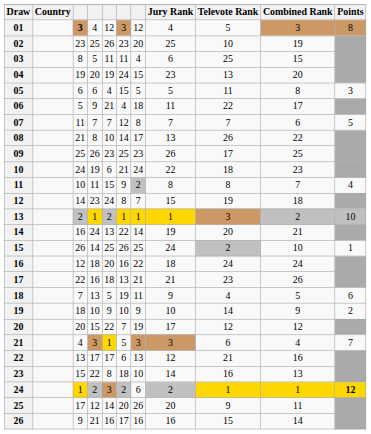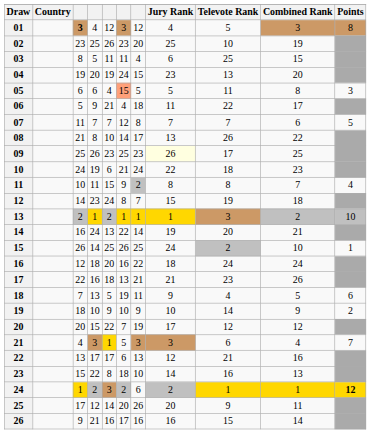 <table class="sortable wikitable collapsible plainrowheaders" style="text-align:center;">
 <tr>
 </tr>
 <tr>
 <th scope="col">Draw</th>
 <th scope="col">Country</th>
 <th scope="col"><small></small></th>
 <th scope="col"><small></small></th>
 <th scope="col"><small></small></th>
 <th scope="col"><small></small></th>
 <th scope="col"><small></small></th>
 <th scope="col">Jury Rank</th>
 <th scope="col">Televote Rank</th>
 <th scope="col">Combined Rank</th>
 <th scope="col">Points</th>
 </tr>
 <tr>
 <th scope="row" style="text-align:center;">01</th>
 <td style="text-align:left;"></td>
 <td style="background:#CC9966;"><strong>3</strong></td>
 <td>4</td>
 <td>12</td>
 <td style="background:#CC9966;">3</td>
 <td>12</td>
 <td>4</td>
 <td>5</td>
 <td style="background:#CC9966;">3</td>
 <td style="background:#CC9966;">8</td>
 </tr>
 <tr>
 <th scope="row" style="text-align:center;">02</th>
 <td style="text-align:left;"></td>
 <td>23</td>
 <td>25</td>
 <td>26</td>
 <td>23</td>
 <td>20</td>
 <td>25</td>
 <td>10</td>
 <td>19</td>
 <td style="background:#AAAAAA;"></td>
 </tr>
 <tr>
 <th scope="row" style="text-align:center;">03</th>
 <td style="text-align:left;"></td>
 <td>8</td>
 <td>5</td>
 <td>11</td>
 <td>11</td>
 <td>4</td>
 <td>6</td>
 <td>25</td>
 <td>15</td>
 <td style="background:#AAAAAA;"></td>
 </tr>
 <tr>
 <th scope="row" style="text-align:center;">04</th>
 <td style="text-align:left;"></td>
 <td>19</td>
 <td>20</td>
 <td>19</td>
 <td>24</td>
 <td>15</td>
 <td>23</td>
 <td>13</td>
 <td>20</td>
 <td style="background:#AAAAAA;"></td>
 </tr>
 <tr>
 <th scope="row" style="text-align:center;">05</th>
 <td style="text-align:left;"></td>
 <td>6</td>
 <td>6</td>
 <td>4</td>
-<td>15</td>
+<td style="background: lightsalmon;">15</td>
 <td>5</td>
 <td>5</td>
 <td>11</td>
 <td>8</td>
 <td>3</td>
 </tr>
 <tr>
 <th scope="row" style="text-align:center;">06</th>
 <td style="text-align:left;"></td>
 <td>5</td>
 <td>9</td>
 <td>21</td>
 <td>4</td>
 <td>18</td>
 <td>11</td>
 <td>22</td>
 <td>17</td>
 <td style="background:#AAAAAA;"></td>
 </tr>
 <tr>
 <th scope="row" style="text-align:center;">07</th>
 <td style="text-align:left;"></td>
 <td>11</td>
 <td>7</td>
 <td>7</td>
 <td>12</td>
 <td>8</td>
 <td>7</td>
 <td>7</td>
 <td>6</td>
 <td>5</td>
 </tr>
 <tr>
 <th scope="row" style="text-align:center;">08</th>
 <td style="text-align:left;"></td>
 <td>21</td>
 <td>8</td>
 <td>10</td>
 <td>14</td>
 <td>17</td>
 <td>13</td>
 <td>26</td>
 <td>22</td>
 <td style="background:#AAAAAA;"></td>
 </tr>
 <tr>
 <th scope="row" style="text-align:center;">09</th>
 <td style="text-align:left;"></td>
 <td>25</td>
 <td>26</td>
 <td>23</td>
 <td>25</td>
 <td>23</td>
-<td>26</td>
+<td style="background: lightyellow;">26</td>
 <td>17</td>
 <td>25</td>
 <td style="background:#AAAAAA;"></td>
 </tr>
 <tr>
 <th scope="row" style="text-align:center;">10</th>
 <td style="text-align:left;"></td>
 <td>24</td>
 <td>19</td>
 <td>6</td>
 <td>21</td>
 <td>24</td>
 <td>22</td>
 <td>18</td>
 <td>23</td>
 <td style="background:#AAAAAA;"></td>
 </tr>
 <tr>
 <th scope="row" style="text-align:center;">11</th>
 <td style="text-align:left;"></td>
 <td>10</td>
 <td>11</td>
 <td>15</td>
 <td>9</td>
 <td style="background:silver;">2</td>
 <td>8</td>
 <td>8</td>
 <td>7</td>
 <td>4</td>
 </tr>
 <tr>
 <th scope="row" style="text-align:center;">12</th>
 <td style="text-align:left;"></td>
 <td>14</td>
 <td>23</td>
 <td>24</td>
 <td>8</td>
 <td>7</td>
 <td>15</td>
 <td>19</td>
 <td>18</td>
 <td style="background:#AAAAAA;"></td>
 </tr>
 <tr>
 <th scope="row" style="text-align:center;">13</th>
 <td style="text-align:left;"></td>
 <td style="background:silver;">2</td>
 <td style="background:gold;">1</td>
 <td style="background:silver;">2</td>
 <td style="background:gold;">1</td>
 <td style="background:gold;">1</td>
 <td style="background:gold;">1</td>
 <td style="background:#CC9966;">3</td>
 <td style="background:silver;">2</td>
 <td style="background:silver;">10</td>
 </tr>
 <tr>
 <th scope="row" style="text-align:center;">14</th>
 <td style="text-align:left;"></td>
 <td>16</td>
 <td>24</td>
 <td>13</td>
 <td>22</td>
 <td>14</td>
 <td>19</td>
 <td>20</td>
 <td>21</td>
 <td style="background:#AAAAAA;"></td>
 </tr>
 <tr>
 <th scope="row" style="text-align:center;">15</th>
 <td style="text-align:left;"></td>
 <td>26</td>
 <td>14</td>
 <td>25</td>
 <td>26</td>
 <td>25</td>
 <td>24</td>
 <td style="background:silver;">2</td>
 <td>10</td>
 <td>1</td>
 </tr>
 <tr>
 <th scope="row" style="text-align:center;">16</th>
 <td style="text-align:left;"></td>
 <td>12</td>
 <td>18</td>
 <td>20</td>
 <td>16</td>
 <td>22</td>
 <td>18</td>
 <td>24</td>
 <td>24</td>
 <td style="background:#AAAAAA;"></td>
 </tr>
 <tr>
 <th scope="row" style="text-align:center;">17</th>
 <td style="text-align:left;"></td>
 <td>22</td>
 <td>16</td>
 <td>18</td>
 <td>13</td>
 <td>21</td>
 <td>21</td>
 <td>23</td>
 <td>26</td>
 <td style="background:#AAAAAA;"></td>
 </tr>
 <tr>
 <th scope="row" style="text-align:center;">18</th>
 <td style="text-align:left;"></td>
 <td>7</td>
 <td>13</td>
 <td>5</td>
 <td>19</td>
 <td>11</td>
 <td>9</td>
 <td>4</td>
 <td>5</td>
 <td>6</td>
 </tr>
 <tr>
 <th scope="row" style="text-align:center;">19</th>
 <td style="text-align:left;"></td>
 <td>18</td>
 <td>10</td>
 <td>9</td>
 <td>10</td>
 <td>9</td>
 <td>10</td>
 <td>14</td>
 <td>9</td>
 <td>2</td>
 </tr>
 <tr>
 <th scope="row" style="text-align:center;">20</th>
 <td style="text-align:left;"></td>
 <td>20</td>
 <td>15</td>
 <td>22</td>
 <td>7</td>
 <td>19</td>
 <td>17</td>
 <td>12</td>
 <td>12</td>
 <td style="background:#AAAAAA;"></td>
 </tr>
 <tr>
 <th scope="row" style="text-align:center;">21</th>
 <td style="text-align:left;"></td>
 <td>4</td>
 <td style="background:#CC9966;">3</td>
 <td style="background:gold;">1</td>
 <td>5</td>
 <td style="background:#CC9966;">3</td>
 <td style="background:#CC9966;">3</td>
 <td>6</td>
 <td>4</td>
 <td>7</td>
 </tr>
 <tr>
 <th scope="row" style="text-align:center;">22</th>
 <td style="text-align:left;"></td>
 <td>13</td>
 <td>17</td>
 <td>17</td>
 <td>6</td>
 <td>13</td>
 <td>12</td>
 <td>21</td>
 <td>16</td>
 <td style="background:#AAAAAA;"></td>
 </tr>
 <tr>
 <th scope="row" style="text-align:center;">23</th>
 <td style="text-align:left;"></td>
 <td>15</td>
 <td>22</td>
 <td>8</td>
 <td>18</td>
 <td>10</td>
 <td>14</td>
 <td>16</td>
 <td>13</td>
 <td style="background:#AAAAAA;"></td>
 </tr>
 <tr>
 <th scope="row" style="text-align:center;">24</th>
 <td style="text-align:left;"></td>
 <td style="background:gold;">1</td>
 <td style="background:silver;">2</td>
 <td style="background:#CC9966;">3</td>
 <td style="background:silver;">2</td>
 <td>6</td>
 <td style="background:silver;">2</td>
 <td style="background:gold;">1</td>
 <td style="background:gold;">1</td>
 <td style="background:gold;"><strong>12</strong></td>
 </tr>
 <tr>
 <th scope="row" style="text-align:center;">25</th>
 <td style="text-align:left;"></td>
 <td>17</td>
 <td>12</td>
 <td>14</td>
 <td>20</td>
 <td>26</td>
 <td>20</td>
 <td>9</td>
 <td>11</td>
 <td style="background:#AAAAAA;"></td>
 </tr>
 <tr>
 <th scope="row" style="text-align:center;">26</th>
 <td style="text-align:left;"></td>
 <td>9</td>
 <td>21</td>
 <td>16</td>
 <td>17</td>
 <td>16</td>
 <td>16</td>
 <td>15</td>
 <td>14</td>
 <td style="background:#AAAAAA;"></td>
 </tr>
 </table>
